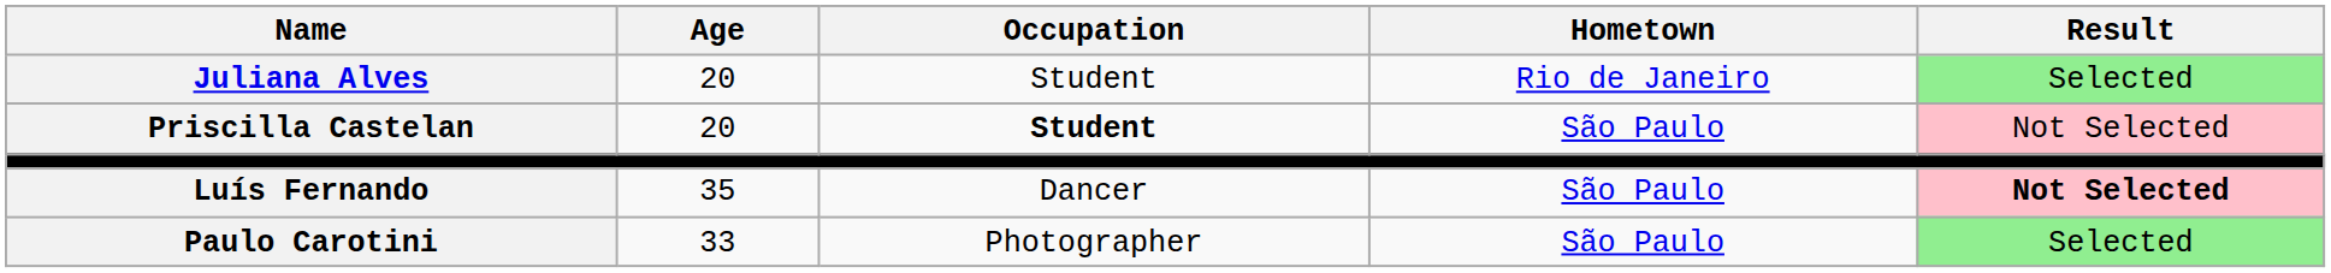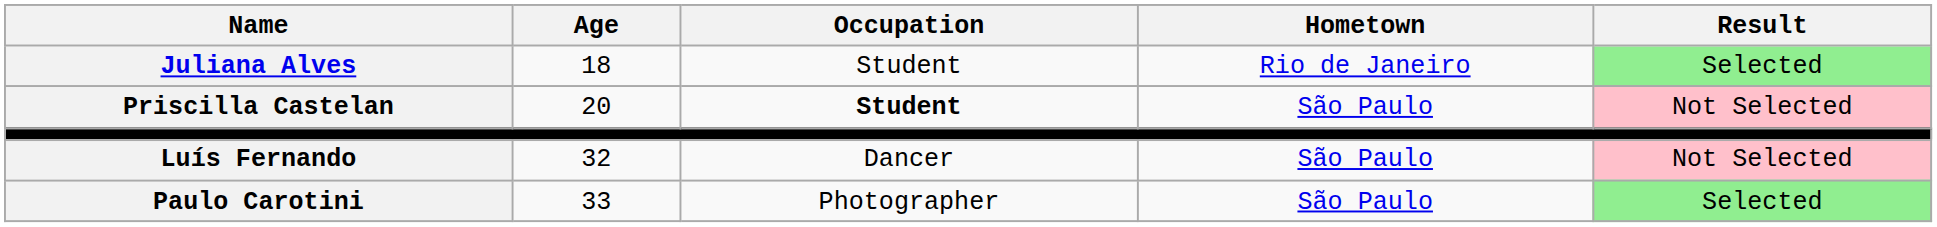 <table class="wikitable sortable" style="text-align:center;">
 <tr>
 <th scope="col" width="15.0%">Name</th>
 <th scope="col" width="05.0%">Age</th>
 <th scope="col" width="13.5%">Occupation</th>
 <th scope="col" width="13.5%">Hometown</th>
 <th scope="col" width="10.0%">Result</th>
 </tr>
 <tr>
 <th><a href='#'>Juliana Alves</a></th>
-<td>20</td>
+<td>18</td>
 <td>Student</td>
 <td><a href='#'>Rio de Janeiro</a></td>
 <td bgcolor=90EE90>Selected</td>
 </tr>
 <tr>
 <th>Priscilla Castelan</th>
 <td>20</td>
 <td><strong>Student</strong></td>
 <td><a href='#'>São Paulo</a></td>
 <td bgcolor=FFC0CB>Not Selected</td>
 </tr>
 <tr>
 <td bgcolor="#000000" colspan="8"></td>
 </tr>
 <tr>
 <th>Luís Fernando</th>
-<td>35</td>
+<td>32</td>
 <td>Dancer</td>
 <td><a href='#'>São Paulo</a></td>
-<td bgcolor=FFC0CB><strong>Not Selected</strong></td>
+<td bgcolor=FFC0CB>Not Selected</td>
 </tr>
 <tr>
 <th>Paulo Carotini</th>
 <td>33</td>
 <td>Photographer</td>
 <td><a href='#'>São Paulo</a></td>
 <td bgcolor=90EE90>Selected</td>
 </tr>
 </table>
